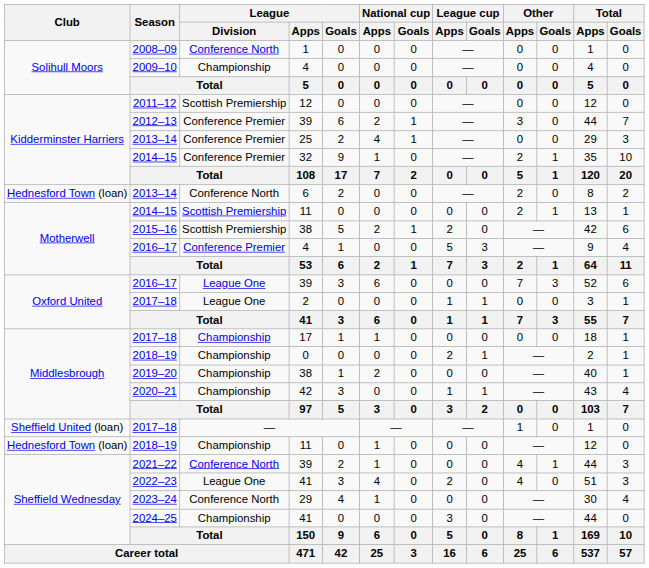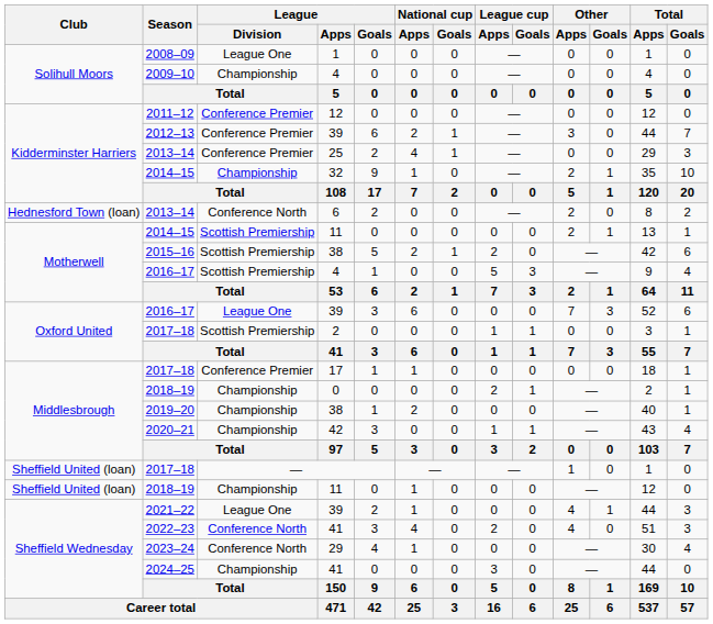 <table class="wikitable" style="text-align: center">
 <tr>
 <th rowspan="2">Club</th>
 <th rowspan="2">Season</th>
 <th colspan="3">League</th>
 <th colspan="2">National cup</th>
 <th colspan="2">League cup</th>
 <th colspan="2">Other</th>
 <th colspan="2">Total</th>
 </tr>
 <tr>
 <th>Division</th>
 <th>Apps</th>
 <th>Goals</th>
 <th>Apps</th>
 <th>Goals</th>
 <th>Apps</th>
 <th>Goals</th>
 <th>Apps</th>
 <th>Goals</th>
 <th>Apps</th>
 <th>Goals</th>
 </tr>
 <tr>
 <td rowspan="3"><a href='#'>Solihull Moors</a></td>
 <td><a href='#'>2008–09</a></td>
-<td><a href='#'>Conference North</a></td>
+<td>League One</td>
 <td>1</td>
 <td>0</td>
 <td>0</td>
 <td>0</td>
 <td colspan="2">—</td>
 <td>0</td>
 <td>0</td>
 <td>1</td>
 <td>0</td>
 </tr>
 <tr>
 <td><a href='#'>2009–10</a></td>
 <td>Championship</td>
 <td>4</td>
 <td>0</td>
 <td>0</td>
 <td>0</td>
 <td colspan="2">—</td>
 <td>0</td>
 <td>0</td>
 <td>4</td>
 <td>0</td>
 </tr>
 <tr>
 <th colspan="2">Total</th>
 <th>5</th>
 <th>0</th>
 <th>0</th>
 <th>0</th>
 <th>0</th>
 <th>0</th>
 <th>0</th>
 <th>0</th>
 <th>5</th>
 <th>0</th>
 </tr>
 <tr>
 <td rowspan="5"><a href='#'>Kidderminster Harriers</a></td>
 <td><a href='#'>2011–12</a></td>
-<td>Scottish Premiership</td>
+<td><a href='#'>Conference Premier</a></td>
 <td>12</td>
 <td>0</td>
 <td>0</td>
 <td>0</td>
 <td colspan="2">—</td>
 <td>0</td>
 <td>0</td>
 <td>12</td>
 <td>0</td>
 </tr>
 <tr>
 <td><a href='#'>2012–13</a></td>
 <td>Conference Premier</td>
 <td>39</td>
 <td>6</td>
 <td>2</td>
 <td>1</td>
 <td colspan="2">—</td>
 <td>3</td>
 <td>0</td>
 <td>44</td>
 <td>7</td>
 </tr>
 <tr>
 <td><a href='#'>2013–14</a></td>
 <td>Conference Premier</td>
 <td>25</td>
 <td>2</td>
 <td>4</td>
 <td>1</td>
 <td colspan="2">—</td>
 <td>0</td>
 <td>0</td>
 <td>29</td>
 <td>3</td>
 </tr>
 <tr>
 <td><a href='#'>2014–15</a></td>
-<td>Conference Premier</td>
+<td><a href='#'>Championship</a></td>
 <td>32</td>
 <td>9</td>
 <td>1</td>
 <td>0</td>
 <td colspan="2">—</td>
 <td>2</td>
 <td>1</td>
 <td>35</td>
 <td>10</td>
 </tr>
 <tr>
 <th colspan="2">Total</th>
 <th>108</th>
 <th>17</th>
 <th>7</th>
 <th>2</th>
 <th>0</th>
 <th>0</th>
 <th>5</th>
 <th>1</th>
 <th>120</th>
 <th>20</th>
 </tr>
 <tr>
 <td><a href='#'>Hednesford Town</a> (loan)</td>
 <td><a href='#'>2013–14</a></td>
 <td>Conference North</td>
 <td>6</td>
 <td>2</td>
 <td>0</td>
 <td>0</td>
 <td colspan="2">—</td>
 <td>2</td>
 <td>0</td>
 <td>8</td>
 <td>2</td>
 </tr>
 <tr>
 <td rowspan="4"><a href='#'>Motherwell</a></td>
 <td><a href='#'>2014–15</a></td>
 <td><a href='#'>Scottish Premiership</a></td>
 <td>11</td>
 <td>0</td>
 <td>0</td>
 <td>0</td>
 <td>0</td>
 <td>0</td>
 <td>2</td>
 <td>1</td>
 <td>13</td>
 <td>1</td>
 </tr>
 <tr>
 <td><a href='#'>2015–16</a></td>
 <td>Scottish Premiership</td>
 <td>38</td>
 <td>5</td>
 <td>2</td>
 <td>1</td>
 <td>2</td>
 <td>0</td>
 <td colspan="2">—</td>
 <td>42</td>
 <td>6</td>
 </tr>
 <tr>
 <td><a href='#'>2016–17</a></td>
-<td><a href='#'>Conference Premier</a></td>
+<td>Scottish Premiership</td>
 <td>4</td>
 <td>1</td>
 <td>0</td>
 <td>0</td>
 <td>5</td>
 <td>3</td>
 <td colspan="2">—</td>
 <td>9</td>
 <td>4</td>
 </tr>
 <tr>
 <th colspan="2">Total</th>
 <th>53</th>
 <th>6</th>
 <th>2</th>
 <th>1</th>
 <th>7</th>
 <th>3</th>
 <th>2</th>
 <th>1</th>
 <th>64</th>
 <th>11</th>
 </tr>
 <tr>
 <td rowspan="3"><a href='#'>Oxford United</a></td>
 <td><a href='#'>2016–17</a></td>
 <td><a href='#'>League One</a></td>
 <td>39</td>
 <td>3</td>
 <td>6</td>
 <td>0</td>
 <td>0</td>
 <td>0</td>
 <td>7</td>
 <td>3</td>
 <td>52</td>
 <td>6</td>
 </tr>
 <tr>
 <td><a href='#'>2017–18</a></td>
-<td>League One</td>
+<td>Scottish Premiership</td>
 <td>2</td>
 <td>0</td>
 <td>0</td>
 <td>0</td>
 <td>1</td>
 <td>1</td>
 <td>0</td>
 <td>0</td>
 <td>3</td>
 <td>1</td>
 </tr>
 <tr>
 <th colspan="2">Total</th>
 <th>41</th>
 <th>3</th>
 <th>6</th>
 <th>0</th>
 <th>1</th>
 <th>1</th>
 <th>7</th>
 <th>3</th>
 <th>55</th>
 <th>7</th>
 </tr>
 <tr>
 <td rowspan=5><a href='#'>Middlesbrough</a></td>
 <td><a href='#'>2017–18</a></td>
-<td><a href='#'>Championship</a></td>
+<td>Conference Premier</td>
 <td>17</td>
 <td>1</td>
 <td>1</td>
 <td>0</td>
 <td>0</td>
 <td>0</td>
 <td>0</td>
 <td>0</td>
 <td>18</td>
 <td>1</td>
 </tr>
 <tr>
 <td><a href='#'>2018–19</a></td>
 <td>Championship</td>
 <td>0</td>
 <td>0</td>
 <td>0</td>
 <td>0</td>
 <td>2</td>
 <td>1</td>
 <td colspan="2">—</td>
 <td>2</td>
 <td>1</td>
 </tr>
 <tr>
 <td><a href='#'>2019–20</a></td>
 <td>Championship</td>
 <td>38</td>
 <td>1</td>
 <td>2</td>
 <td>0</td>
 <td>0</td>
 <td>0</td>
 <td colspan="2">—</td>
 <td>40</td>
 <td>1</td>
 </tr>
 <tr>
 <td><a href='#'>2020–21</a></td>
 <td>Championship</td>
 <td>42</td>
 <td>3</td>
 <td>0</td>
 <td>0</td>
 <td>1</td>
 <td>1</td>
 <td colspan="2">—</td>
 <td>43</td>
 <td>4</td>
 </tr>
 <tr>
 <th colspan="2">Total</th>
 <th>97</th>
 <th>5</th>
 <th>3</th>
 <th>0</th>
 <th>3</th>
 <th>2</th>
 <th>0</th>
 <th>0</th>
 <th>103</th>
 <th>7</th>
 </tr>
 <tr>
 <td><a href='#'>Sheffield United</a> (loan)</td>
 <td><a href='#'>2017–18</a></td>
 <td colspan="3">—</td>
 <td colspan="2">—</td>
 <td colspan="2">—</td>
 <td>1</td>
 <td>0</td>
 <td>1</td>
 <td>0</td>
 </tr>
 <tr>
-<td><a href='#'>Hednesford Town</a> (loan)</td>
+<td><a href='#'>Sheffield United</a> (loan)</td>
 <td><a href='#'>2018–19</a></td>
 <td>Championship</td>
 <td>11</td>
 <td>0</td>
 <td>1</td>
 <td>0</td>
 <td>0</td>
 <td>0</td>
 <td colspan="2">—</td>
 <td>12</td>
 <td>0</td>
 </tr>
 <tr>
 <td rowspan=5><a href='#'>Sheffield Wednesday</a></td>
 <td><a href='#'>2021–22</a></td>
-<td><a href='#'>Conference North</a></td>
+<td>League One</td>
 <td>39</td>
 <td>2</td>
 <td>1</td>
 <td>0</td>
 <td>0</td>
 <td>0</td>
 <td>4</td>
 <td>1</td>
 <td>44</td>
 <td>3</td>
 </tr>
 <tr>
 <td><a href='#'>2022–23</a></td>
-<td>League One</td>
+<td><a href='#'>Conference North</a></td>
 <td>41</td>
 <td>3</td>
 <td>4</td>
 <td>0</td>
 <td>2</td>
 <td>0</td>
 <td>4</td>
 <td>0</td>
 <td>51</td>
 <td>3</td>
 </tr>
 <tr>
 <td><a href='#'>2023–24</a></td>
 <td>Conference North</td>
 <td>29</td>
 <td>4</td>
 <td>1</td>
 <td>0</td>
 <td>0</td>
 <td>0</td>
 <td colspan="2">—</td>
 <td>30</td>
 <td>4</td>
 </tr>
 <tr>
 <td><a href='#'>2024–25</a></td>
 <td>Championship</td>
 <td>41</td>
 <td>0</td>
 <td>0</td>
 <td>0</td>
 <td>3</td>
 <td>0</td>
 <td colspan="2">—</td>
 <td>44</td>
 <td>0</td>
 </tr>
 <tr>
 <th colspan="2">Total</th>
 <th>150</th>
 <th>9</th>
 <th>6</th>
 <th>0</th>
 <th>5</th>
 <th>0</th>
 <th>8</th>
 <th>1</th>
 <th>169</th>
 <th>10</th>
 </tr>
 <tr>
 <th colspan="3">Career total</th>
 <th>471</th>
 <th>42</th>
 <th>25</th>
 <th>3</th>
 <th>16</th>
 <th>6</th>
 <th>25</th>
 <th>6</th>
 <th>537</th>
 <th>57</th>
 </tr>
 </table>
